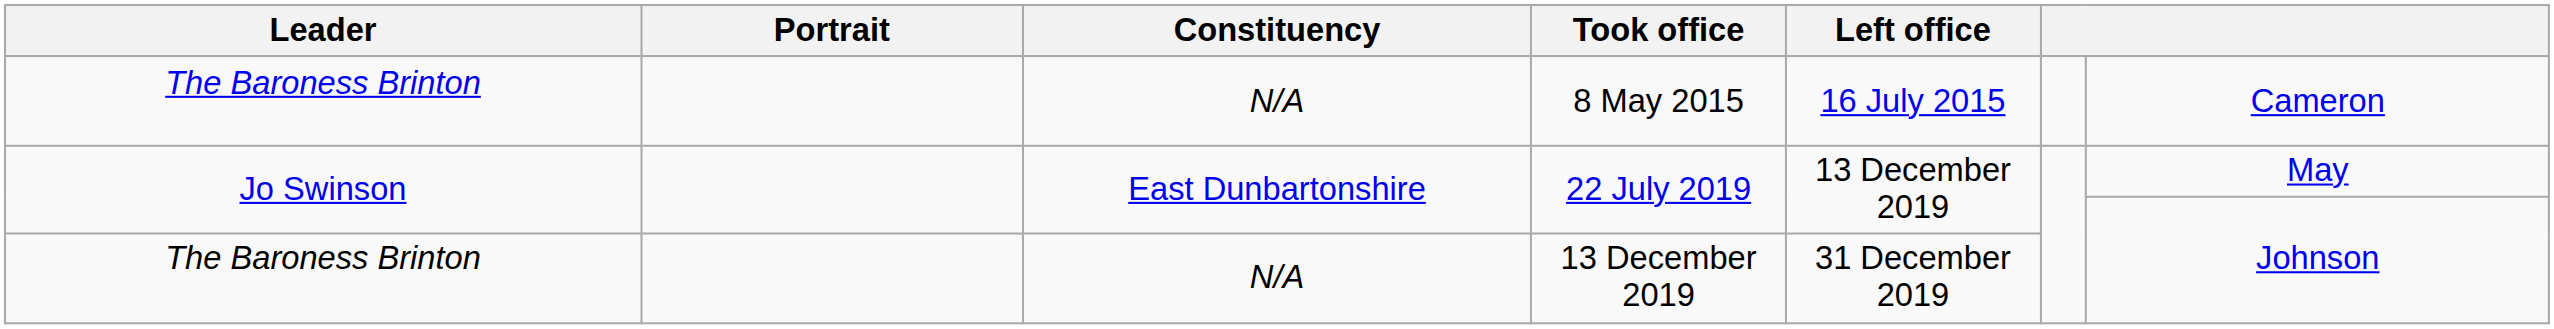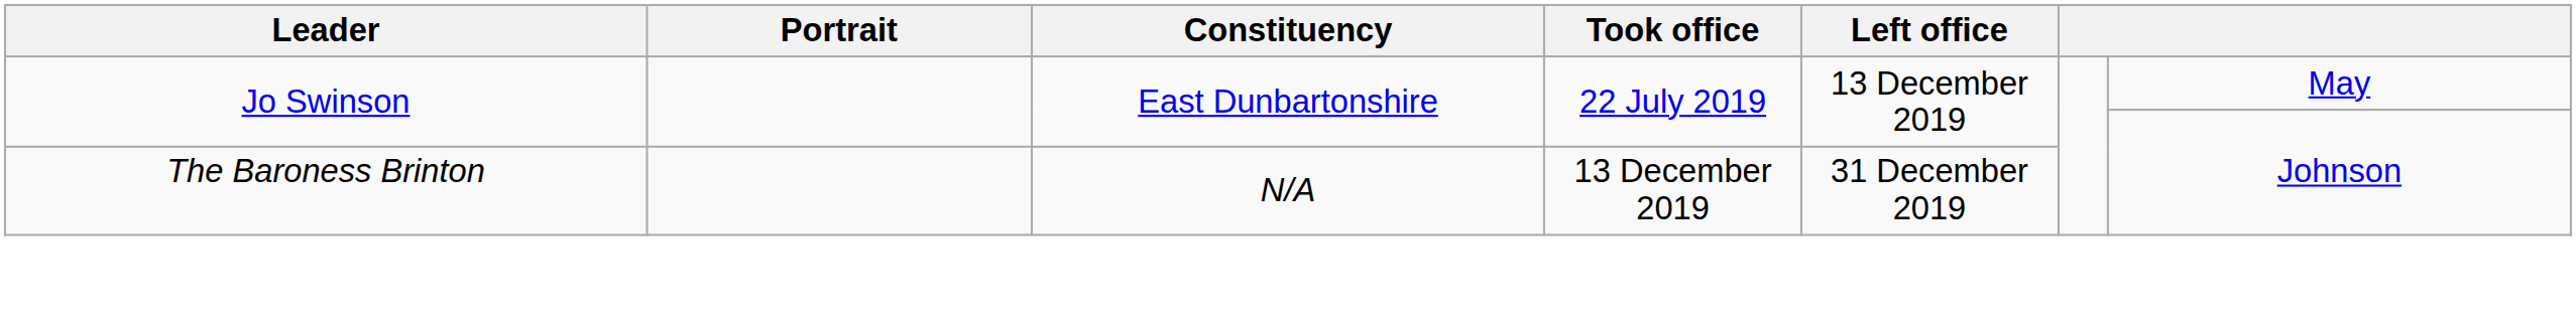 <table class="wikitable" style="text-align:center">
 <tr>
 <th style="width:25%;">Leader<br></th>
 <th width=60>Portrait</th>
 <th style="width:20%;">Constituency</th>
 <th style="width:10%;">Took office</th>
 <th style="width:10%;">Left office</th>
 <th colspan="2" style="width:20%;"></th>
 </tr>
 <tr>
-</tr>
-<tr>
-<td><em><a href='#'>The Baroness Brinton</a></em><br><br></td>
-<td></td>
-<td><em>N/A</em></td>
-<td>8 May 2015</td>
-<td><a href='#'>16 July 2015</a></td>
-<td style="background-color: "></td>
-<td><a href='#'>Cameron</a></td>
 </tr>
 <tr>
 <td rowspan=2><a href='#'>Jo Swinson</a><br></td>
 <td rowspan=2></td>
 <td rowspan=2><a href='#'>East Dunbartonshire</a></td>
 <td rowspan=2><a href='#'>22 July 2019</a></td>
 <td rowspan=2>13 December 2019</td>
 <td rowspan=3 style="background-color: "></td>
 <td><a href='#'>May</a></td>
 </tr>
 <tr>
 <td rowspan=2><a href='#'>Johnson</a></td>
 </tr>
 <tr>
 <td><em>The Baroness Brinton</em><br><br></td>
 <td></td>
 <td><em>N/A</em></td>
 <td>13 December 2019</td>
 <td>31 December 2019</td>
 </tr>
 </table>
